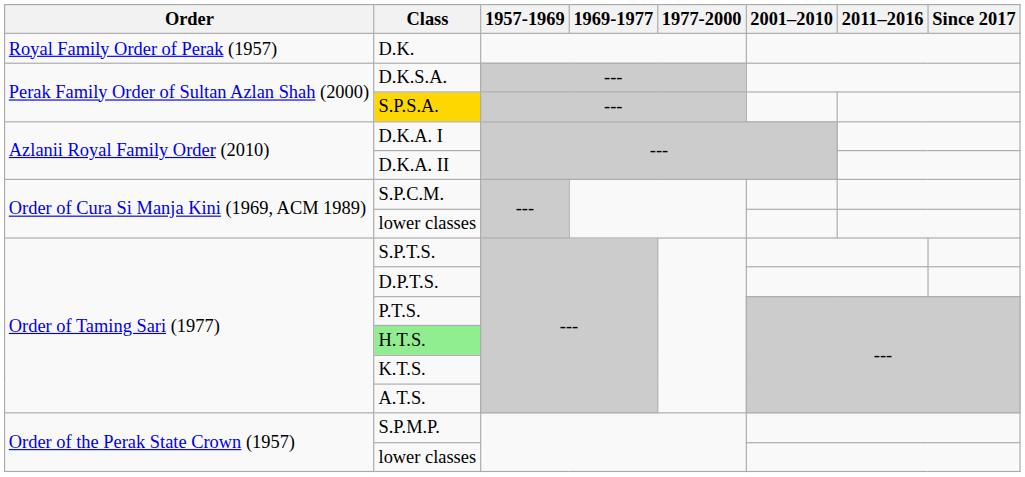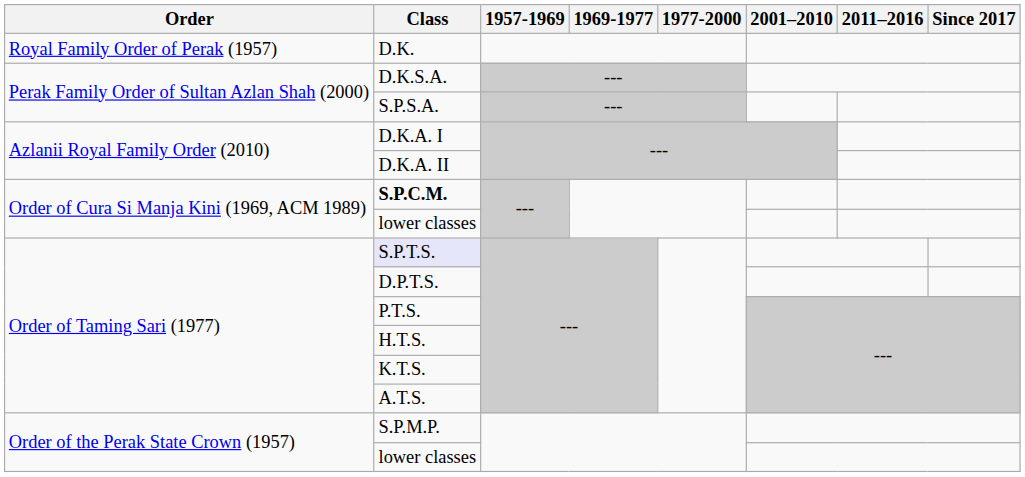 <table class="wikitable" width=100%>
 <tr>
 <th>Order</th>
 <th>Class</th>
 <th>1957-1969</th>
 <th>1969-1977</th>
 <th>1977-2000</th>
 <th>2001–2010</th>
 <th>2011–2016</th>
 <th>Since 2017</th>
 </tr>
 <tr>
 <td><a href='#'>Royal Family Order of Perak</a> (1957)</td>
 <td>D.K.</td>
 <td colspan=3 align=center></td>
 <td colspan=3 align=center></td>
 </tr>
 <tr>
 <td rowspan=2><a href='#'>Perak Family Order of Sultan Azlan Shah</a> (2000)</td>
 <td>D.K.S.A.</td>
 <td colspan=3 style="background-color:#cccccc" align=center>---</td>
 <td colspan=3 align=center></td>
 </tr>
 <tr>
-<td style="background: gold;">S.P.S.A.</td>
+<td>S.P.S.A.</td>
 <td colspan=3 style="background-color:#cccccc" align=center>---</td>
 <td align=center></td>
 <td colspan=2 align=center></td>
 </tr>
 <tr>
 <td rowspan=2><a href='#'>Azlanii Royal Family Order</a> (2010)</td>
 <td>D.K.A. I </td>
 <td rowspan=2 colspan=4 style="background-color:#cccccc" align=center>---</td>
 <td colspan=2 align=center></td>
 </tr>
 <tr>
 <td>D.K.A. II </td>
 <td colspan=2 align=center></td>
 </tr>
 <tr>
 <td rowspan=2><a href='#'>Order of Cura Si Manja Kini</a> (1969, ACM 1989)  </td>
-<td>S.P.C.M.</td>
+<td><strong>S.P.C.M.</strong></td>
 <td rowspan=2 style="background-color:#cccccc" align=center>---</td>
 <td colspan=2 rowspan=2 align=center></td>
 <td align=center></td>
 <td colspan=2 align=center></td>
 </tr>
 <tr>
 <td>lower classes</td>
 <td align=center></td>
 <td colspan=2 align=center></td>
 </tr>
 <tr>
 <td rowspan=6><a href='#'>Order of Taming Sari</a> (1977) </td>
-<td>S.P.T.S.</td>
+<td style="background: lavender;">S.P.T.S.</td>
 <td colspan=2 rowspan=6 style="background-color:#cccccc" align=center>---</td>
 <td rowspan=6 align=center></td>
 <td colspan=2 align=center></td>
 <td align=center></td>
 </tr>
 <tr>
 <td>D.P.T.S.</td>
 <td colspan=2 align=center></td>
 <td align=center></td>
 </tr>
 <tr>
 <td>P.T.S.</td>
 <td colspan=3 rowspan=4 style="background-color:#cccccc" align=center>---</td>
 </tr>
 <tr>
-<td style="background: lightgreen;">H.T.S.</td>
+<td>H.T.S.</td>
 </tr>
 <tr>
 <td>K.T.S.</td>
 </tr>
 <tr>
 <td>A.T.S.</td>
 </tr>
 <tr>
 <td rowspan=2><a href='#'>Order of the Perak State Crown</a> (1957) </td>
 <td>S.P.M.P.</td>
 <td colspan=3 rowspan=2 align=center></td>
 <td colspan=3 align=center></td>
 </tr>
 <tr>
 <td>lower classes</td>
 <td colspan=3 align=center></td>
 </tr>
 </table>
